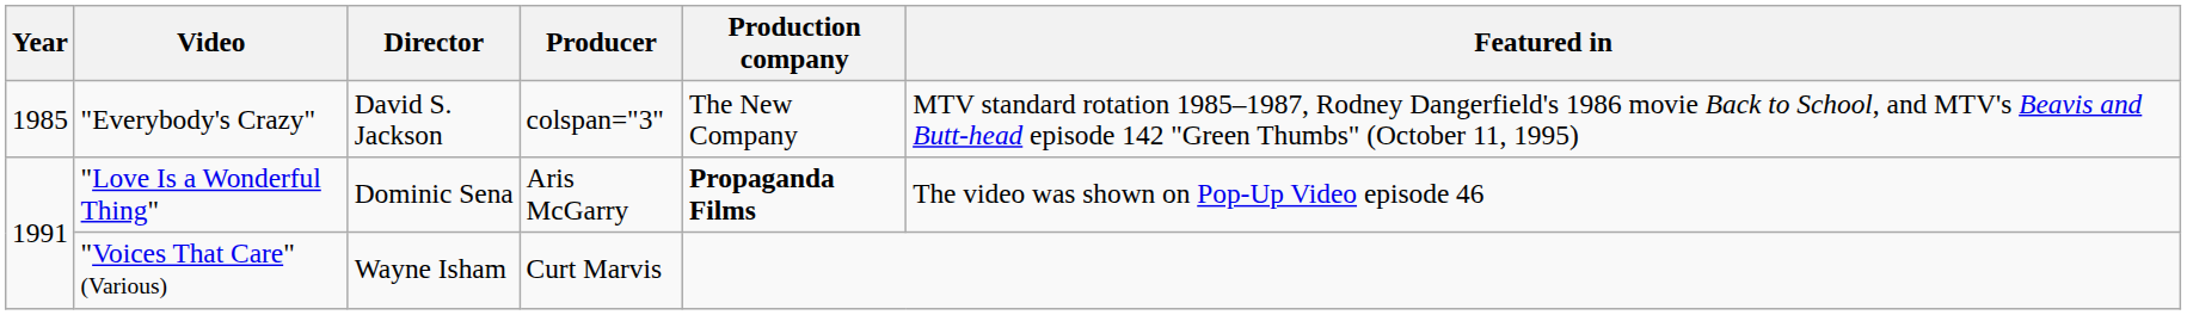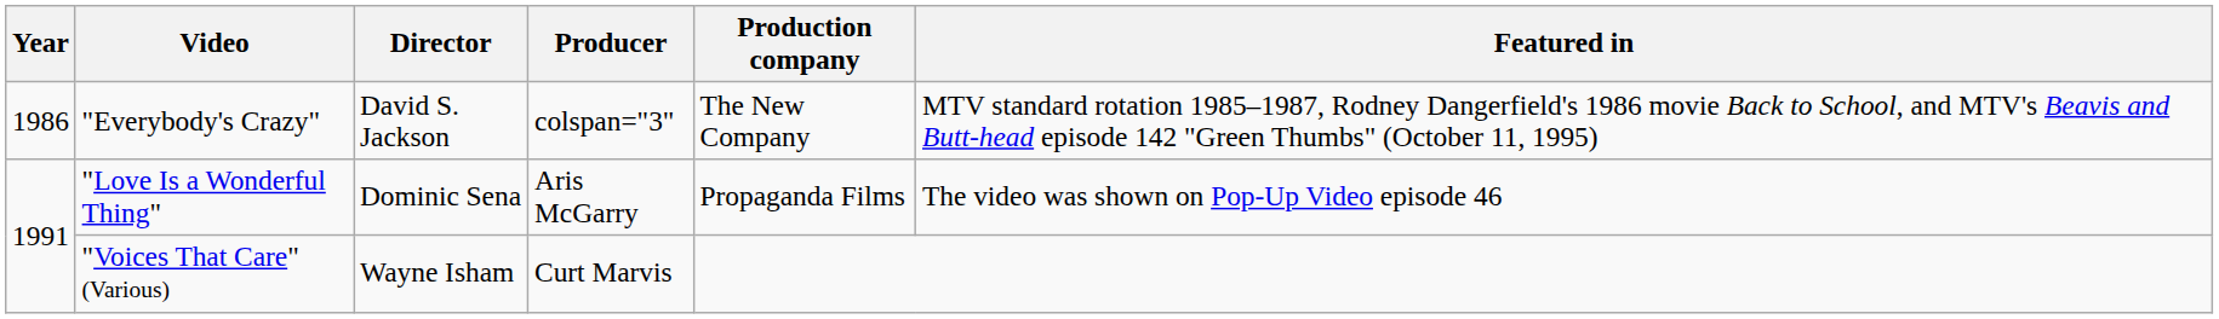 <table class="wikitable">
 <tr>
 <th>Year</th>
 <th>Video</th>
 <th>Director</th>
 <th>Producer</th>
 <th>Production company</th>
 <th>Featured in</th>
 </tr>
 <tr>
-<td>1985</td>
+<td>1986</td>
 <td>"Everybody's Crazy"</td>
 <td>David S. Jackson</td>
 <td>colspan="3" </td>
 <td>The New Company</td>
 <td>MTV standard rotation 1985–1987, Rodney Dangerfield's 1986 movie <em>Back to School</em>, and MTV's <em><a href='#'>Beavis and Butt-head</a></em> episode 142 "Green Thumbs" (October 11, 1995)</td>
 </tr>
 <tr>
 <td rowspan="2">1991</td>
 <td>"<a href='#'>Love Is a Wonderful Thing</a>"</td>
 <td>Dominic Sena</td>
 <td>Aris McGarry</td>
-<td><strong>Propaganda Films</strong></td>
+<td>Propaganda Films</td>
 <td>The video was shown on <a href='#'>Pop-Up Video</a> episode 46</td>
 </tr>
 <tr>
 <td>"<a href='#'>Voices That Care</a>" <small>(Various)</small></td>
 <td>Wayne Isham</td>
 <td>Curt Marvis</td>
 </tr>
 </table>
